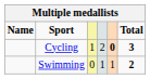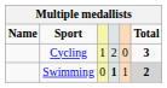 <table class="wikitable" style="font-size:85%">
 <tr style="background:#efefef;">
 <th colspan=7>Multiple medallists</th>
 </tr>
 <tr align=center>
 <td><strong>Name</strong></td>
 <td><strong>Sport</strong></td>
 <td bgcolor=#F7F6A8></td>
 <td bgcolor=#DCE5E5></td>
 <td bgcolor=#FFDAB9></td>
 <td><strong>Total</strong></td>
 </tr>
 <tr align=center>
 <td align=left></td>
 <td><a href='#'>Cycling</a></td>
 <td style="background:#F7F6A8;">1</td>
 <td style="background:#DCE5E5;">2</td>
-<td style="background:#FFDAB9;"><strong>0</strong></td>
+<td style="background:#FFDAB9;">0</td>
 <td><strong>3</strong></td>
 </tr>
 <tr align=center>
 <td align=left></td>
 <td><a href='#'>Swimming</a></td>
 <td style="background:#F7F6A8;">0</td>
-<td style="background:#DCE5E5;">1</td>
+<td style="background:#DCE5E5;"><strong>1</strong></td>
 <td style="background:#FFDAB9;">1</td>
-<td><strong>2</strong></td>
+<td style="background: lightgrey;"><strong>2</strong></td>
 </tr>
 </table>
